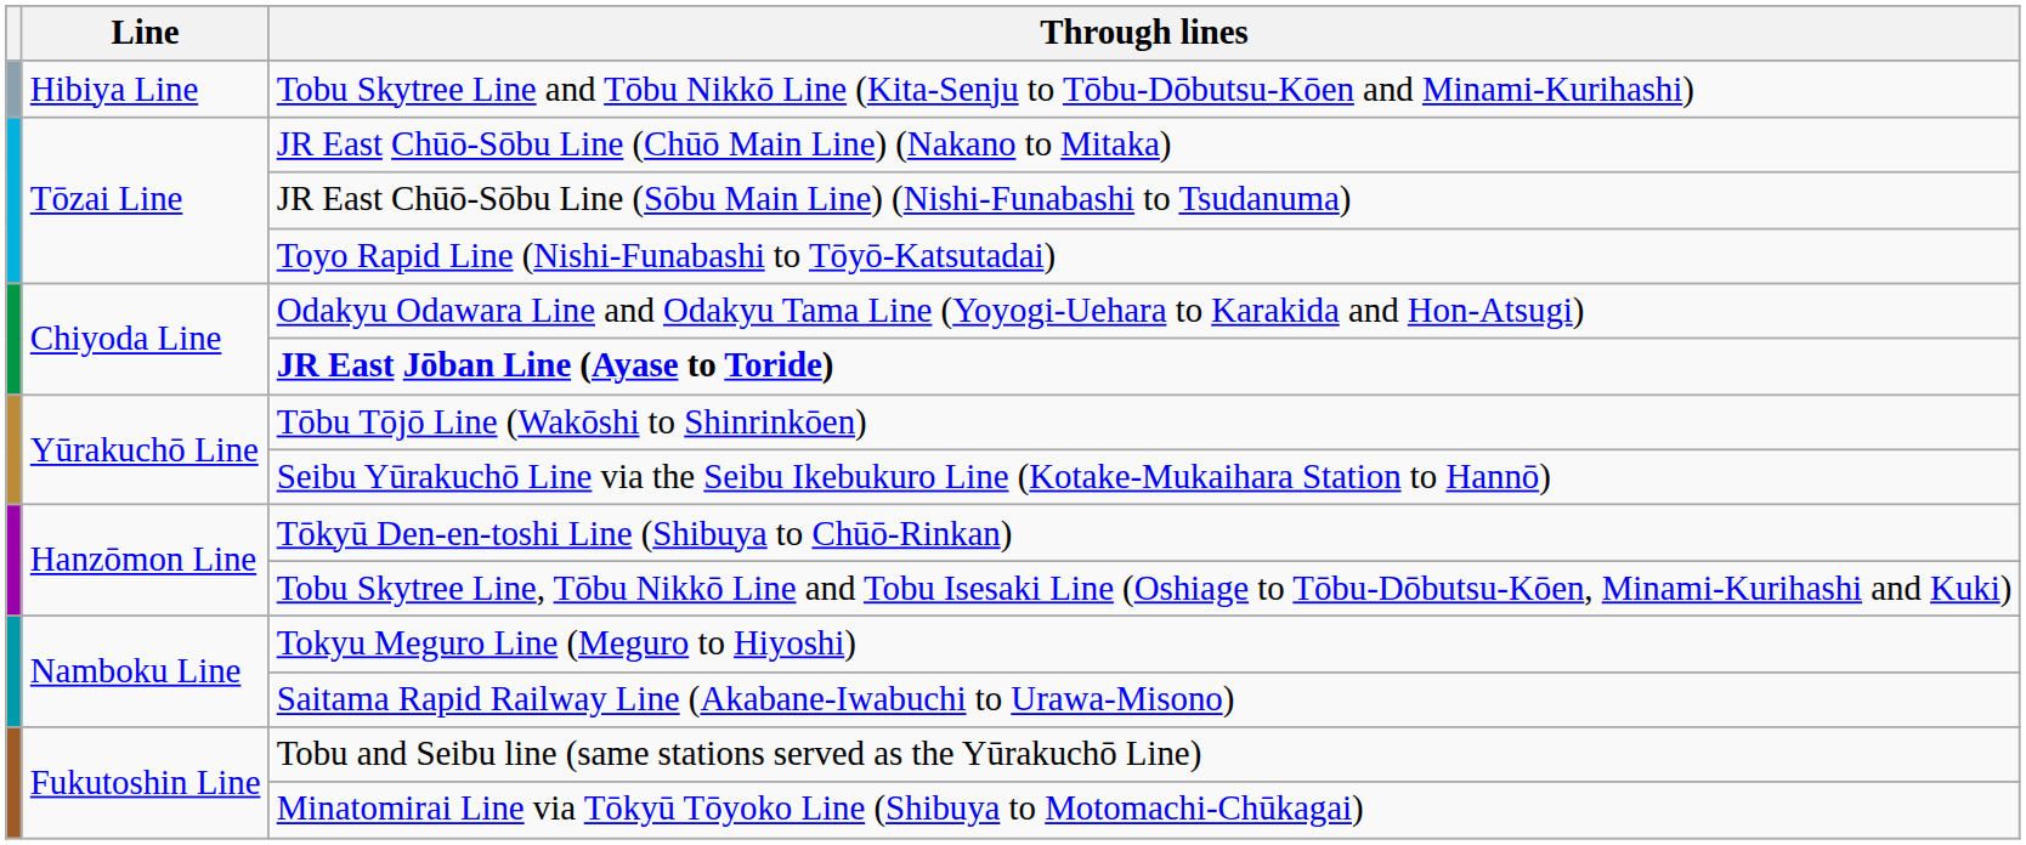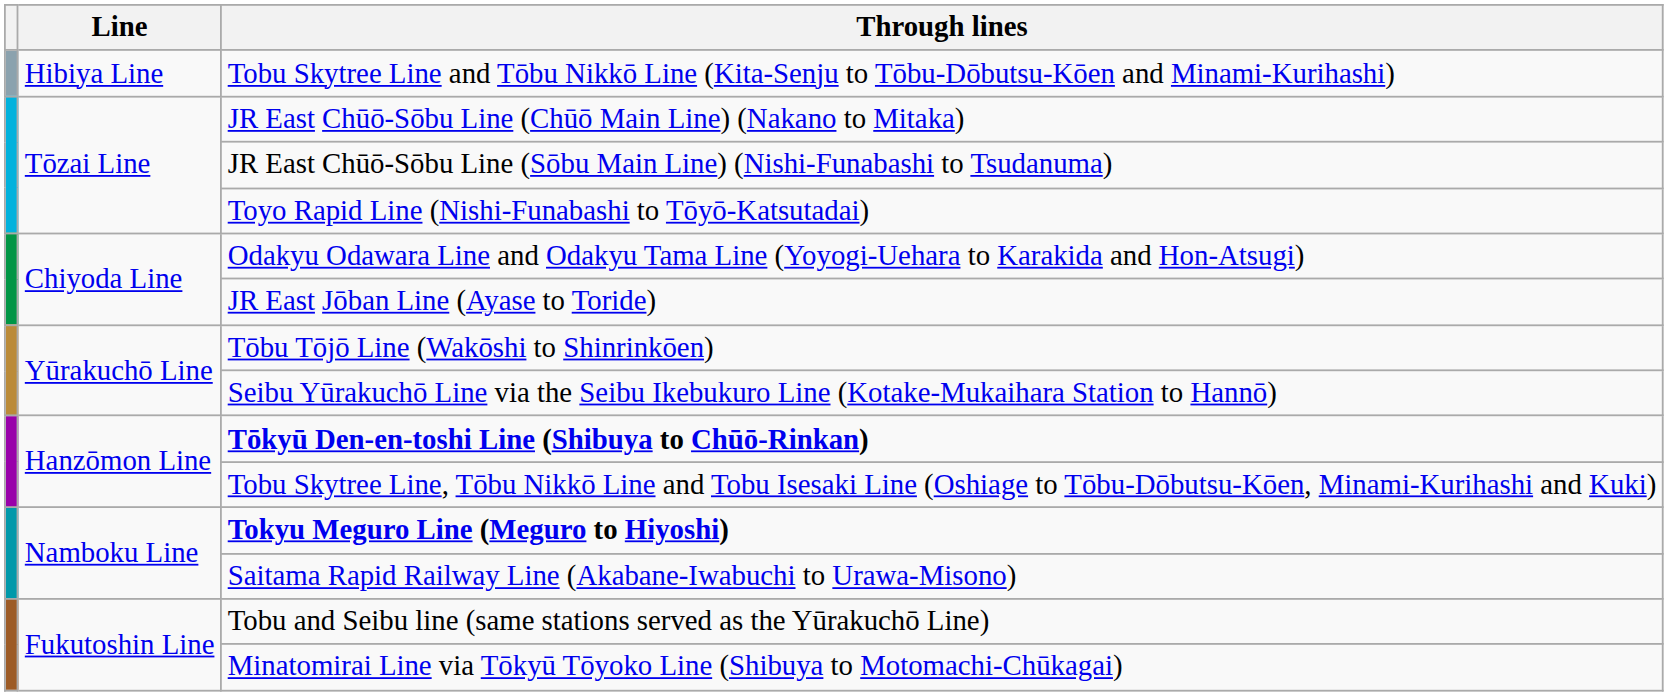 <table class="wikitable sortable">
 <tr>
 <th></th>
 <th>Line</th>
 <th>Through lines</th>
 </tr>
 <tr>
 <td style="background:#8BA2AE;"></td>
 <td><a href='#'>Hibiya Line</a></td>
 <td><a href='#'>Tobu Skytree Line</a> and <a href='#'>Tōbu Nikkō Line</a> (<a href='#'>Kita-Senju</a> to <a href='#'>Tōbu-Dōbutsu-Kōen</a> and <a href='#'>Minami-Kurihashi</a>)</td>
 </tr>
 <tr>
 <td style="background:#00B2DD;" rowspan="3"></td>
 <td rowspan="3"><a href='#'>Tōzai Line</a></td>
 <td><a href='#'>JR East</a> <a href='#'>Chūō-Sōbu Line</a> (<a href='#'>Chūō Main Line</a>) (<a href='#'>Nakano</a> to <a href='#'>Mitaka</a>)</td>
 </tr>
 <tr>
 <td>JR East Chūō-Sōbu Line (<a href='#'>Sōbu Main Line</a>) (<a href='#'>Nishi-Funabashi</a> to <a href='#'>Tsudanuma</a>)</td>
 </tr>
 <tr>
 <td><a href='#'>Toyo Rapid Line</a> (<a href='#'>Nishi-Funabashi</a> to <a href='#'>Tōyō-Katsutadai</a>)</td>
 </tr>
 <tr>
 <td style="background:#009645;" rowspan="2"></td>
 <td rowspan="2"><a href='#'>Chiyoda Line</a></td>
 <td><a href='#'>Odakyu Odawara Line</a> and <a href='#'>Odakyu Tama Line</a> (<a href='#'>Yoyogi-Uehara</a> to <a href='#'>Karakida</a> and <a href='#'>Hon-Atsugi</a>)</td>
 </tr>
 <tr>
-<td><strong><a href='#'>JR East</a> <a href='#'>Jōban Line</a> (<a href='#'>Ayase</a> to <a href='#'>Toride</a>)</strong></td>
+<td><a href='#'>JR East</a> <a href='#'>Jōban Line</a> (<a href='#'>Ayase</a> to <a href='#'>Toride</a>)</td>
 </tr>
 <tr>
 <td style="background:#BB8B38;" rowspan="2"></td>
 <td rowspan="2"><a href='#'>Yūrakuchō Line</a></td>
 <td><a href='#'>Tōbu Tōjō Line</a> (<a href='#'>Wakōshi</a> to <a href='#'>Shinrinkōen</a>)</td>
 </tr>
 <tr>
 <td><a href='#'>Seibu Yūrakuchō Line</a> via the <a href='#'>Seibu Ikebukuro Line</a> (<a href='#'>Kotake-Mukaihara Station</a> to <a href='#'>Hannō</a>)</td>
 </tr>
 <tr>
 <td style="background:#9900AA;" rowspan="2"></td>
 <td rowspan="2"><a href='#'>Hanzōmon Line</a></td>
-<td><a href='#'>Tōkyū Den-en-toshi Line</a> (<a href='#'>Shibuya</a> to <a href='#'>Chūō-Rinkan</a>)</td>
+<td><strong><a href='#'>Tōkyū Den-en-toshi Line</a> (<a href='#'>Shibuya</a> to <a href='#'>Chūō-Rinkan</a>)</strong></td>
 </tr>
 <tr>
 <td><a href='#'>Tobu Skytree Line</a>, <a href='#'>Tōbu Nikkō Line</a> and <a href='#'>Tobu Isesaki Line</a> (<a href='#'>Oshiage</a> to <a href='#'>Tōbu-Dōbutsu-Kōen</a>, <a href='#'>Minami-Kurihashi</a> and <a href='#'>Kuki</a>)</td>
 </tr>
 <tr>
 <td style="background:#0099AA;" rowspan="2"></td>
 <td rowspan="2"><a href='#'>Namboku Line</a></td>
-<td><a href='#'>Tokyu Meguro Line</a> (<a href='#'>Meguro</a> to <a href='#'>Hiyoshi</a>)</td>
+<td><strong><a href='#'>Tokyu Meguro Line</a> (<a href='#'>Meguro</a> to <a href='#'>Hiyoshi</a>)</strong></td>
 </tr>
 <tr>
 <td><a href='#'>Saitama Rapid Railway Line</a> (<a href='#'>Akabane-Iwabuchi</a> to <a href='#'>Urawa-Misono</a>)</td>
 </tr>
 <tr>
 <td style="background:#9D5B25;" rowspan="2"></td>
 <td rowspan="2"><a href='#'>Fukutoshin Line</a></td>
 <td>Tobu and Seibu line (same stations served as the Yūrakuchō Line)</td>
 </tr>
 <tr>
 <td><a href='#'>Minatomirai Line</a> via <a href='#'>Tōkyū Tōyoko Line</a> (<a href='#'>Shibuya</a> to <a href='#'>Motomachi-Chūkagai</a>)</td>
 </tr>
 </table>
